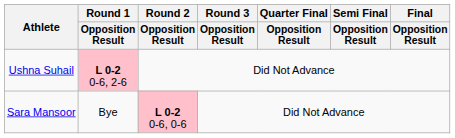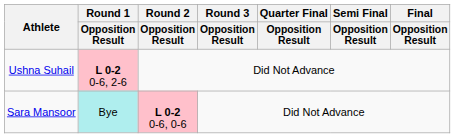 <table class=wikitable style="text-align:center; font-size:90%">
 <tr>
 <th rowspan=2>Athlete</th>
 <th>Round 1</th>
 <th>Round 2</th>
 <th>Round 3</th>
 <th>Quarter Final</th>
 <th>Semi Final</th>
 <th>Final</th>
 </tr>
 <tr style="font-size:95%">
 <th>Opposition<br>Result</th>
 <th>Opposition<br>Result</th>
 <th>Opposition<br>Result</th>
 <th>Opposition<br>Result</th>
 <th>Opposition<br>Result</th>
 <th>Opposition<br>Result</th>
 </tr>
 <tr align=center>
 <td><a href='#'>Ushna Suhail</a></td>
 <td style="background:pink;"><br><strong>L 0-2</strong><br>0-6, 2-6</td>
 <td colspan=5>Did Not Advance</td>
 </tr>
 <tr align=center>
 <td><a href='#'>Sara Mansoor</a></td>
-<td>Bye</td>
+<td style="background: paleturquoise;">Bye</td>
 <td style="background:pink;"><br><strong>L 0-2</strong><br>0-6, 0-6</td>
 <td colspan=4>Did Not Advance</td>
 </tr>
 </table>
